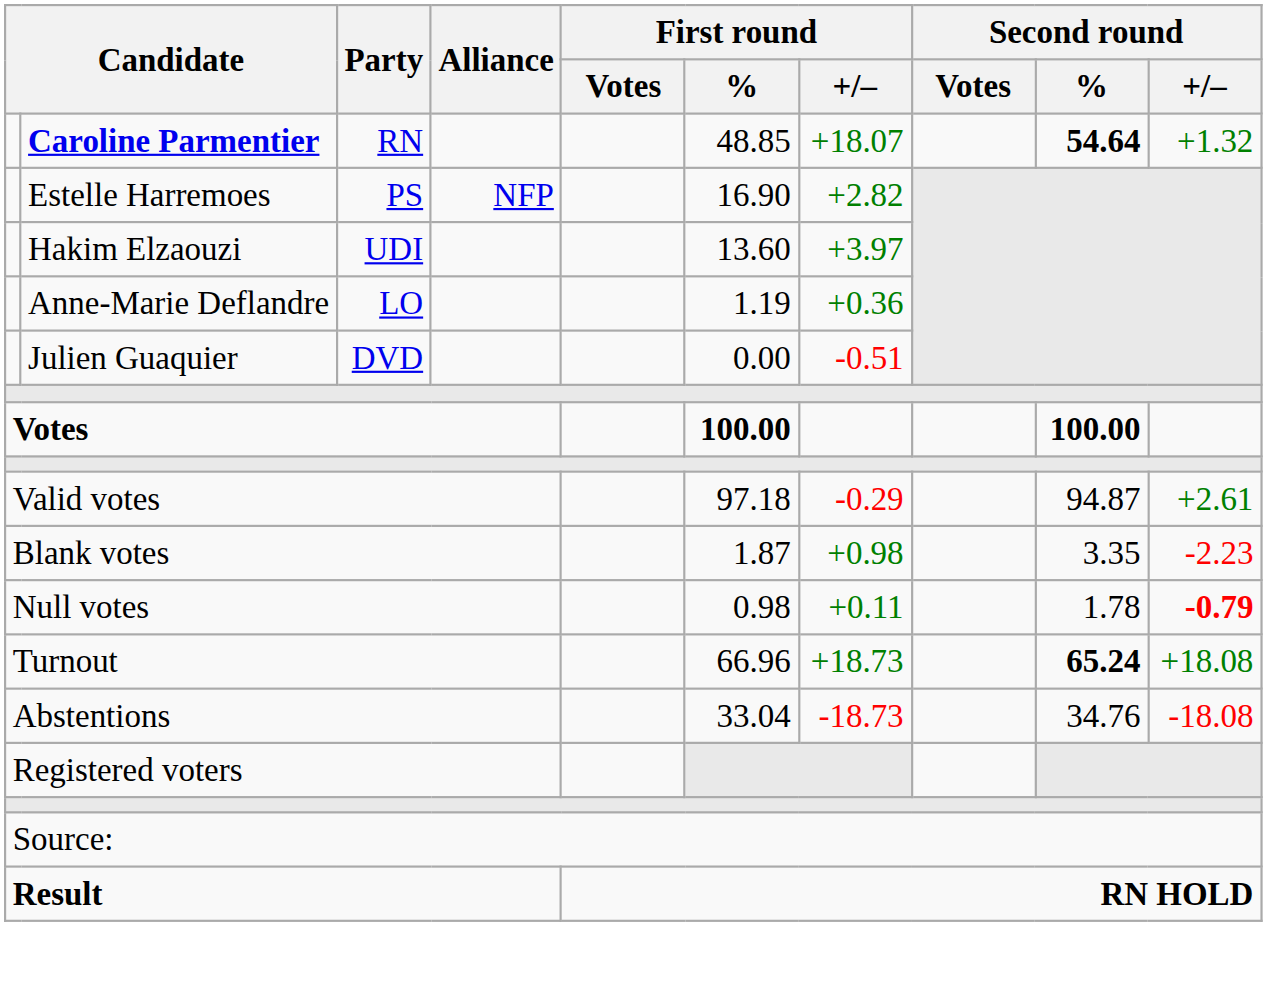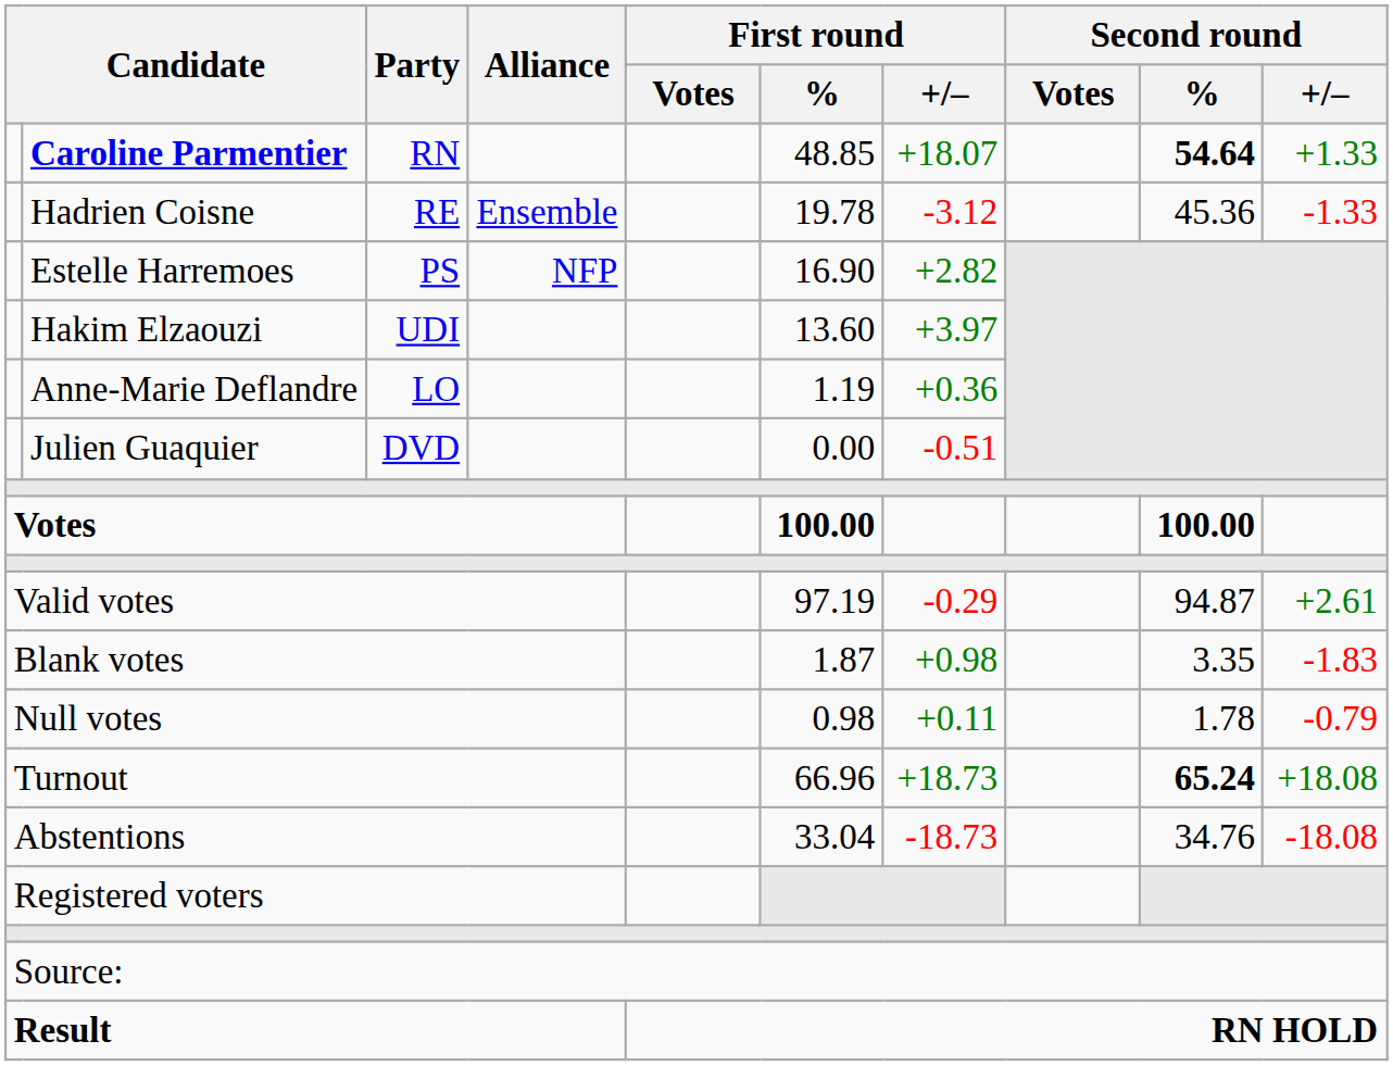 <table class="wikitable" style="text-align:right;font-size:95%;">
 <tr>
 <th rowspan="2" colspan="2">Candidate</th>
 <th colspan="1" rowspan="2">Party</th>
 <th colspan="1" rowspan="2">Alliance</th>
 <th colspan="3">First round</th>
 <th colspan="3">Second round</th>
 </tr>
 <tr>
 <th style="width:50px;">Votes</th>
 <th style="width:45px;">%</th>
 <th style="width:45px;">+/–</th>
 <th style="width:50px;">Votes</th>
 <th style="width:45px;">%</th>
 <th style="width:45px;">+/–</th>
 </tr>
 <tr>
 <td style="background:"></td>
 <td style="text-align:left;"><strong><a href='#'>Caroline Parmentier</a></strong></td>
 <td><a href='#'>RN</a></td>
 <td></td>
 <td></td>
 <td>48.85</td>
 <td style="color:green;">+18.07</td>
 <td><strong></strong></td>
 <td><strong>54.64</strong></td>
-<td style="color:green;">+1.32</td>
+<td style="color:green;">+1.33</td>
+</tr>
+<tr>
+<td style="background:"></td>
+<td style="text-align:left;">Hadrien Coisne</td>
+<td><a href='#'>RE</a></td>
+<td><a href='#'>Ensemble</a></td>
+<td></td>
+<td>19.78</td>
+<td style="color:red;">-3.12</td>
+<td></td>
+<td>45.36</td>
+<td style="color:red;">-1.33</td>
 </tr>
 <tr>
 <td style="background:"></td>
 <td style="text-align:left;">Estelle Harremoes</td>
 <td><a href='#'>PS</a></td>
 <td><a href='#'>NFP</a></td>
 <td></td>
 <td>16.90</td>
 <td style="color:green;">+2.82</td>
 <td colspan="3" rowspan="4" style="background:#E9E9E9;"></td>
 </tr>
 <tr>
 <td style="background:"></td>
 <td style="text-align:left;">Hakim Elzaouzi</td>
 <td><a href='#'>UDI</a></td>
 <td></td>
 <td></td>
 <td>13.60</td>
 <td style="color:green;">+3.97</td>
 </tr>
 <tr>
 <td style="background:"></td>
 <td style="text-align:left;">Anne-Marie Deflandre</td>
 <td><a href='#'>LO</a></td>
 <td></td>
 <td></td>
 <td>1.19</td>
 <td style="color:green;">+0.36</td>
 </tr>
 <tr>
 <td style="background:"></td>
 <td style="text-align:left;">Julien Guaquier</td>
 <td><a href='#'>DVD</a></td>
 <td></td>
 <td></td>
 <td>0.00</td>
 <td style="color:red;">-0.51</td>
 </tr>
 <tr>
 <td colspan="10" style="background:#E9E9E9;"></td>
 </tr>
 <tr style="font-weight:bold;">
 <td colspan="4" style="text-align:left;">Votes</td>
 <td></td>
 <td>100.00</td>
 <td></td>
 <td></td>
 <td>100.00</td>
 <td></td>
 </tr>
 <tr>
 <td colspan="10" style="background:#E9E9E9;"></td>
 </tr>
 <tr>
 <td colspan="4" style="text-align:left;">Valid votes</td>
 <td></td>
-<td>97.18</td>
+<td>97.19</td>
 <td style="color:red;">-0.29</td>
 <td></td>
 <td>94.87</td>
 <td style="color:green;">+2.61</td>
 </tr>
 <tr>
 <td colspan="4" style="text-align:left;">Blank votes</td>
 <td></td>
 <td>1.87</td>
 <td style="color:green;">+0.98</td>
 <td></td>
 <td>3.35</td>
-<td style="color:red;">-2.23</td>
+<td style="color:red;">-1.83</td>
 </tr>
 <tr>
 <td colspan="4" style="text-align:left;">Null votes</td>
 <td></td>
 <td>0.98</td>
 <td style="color:green;">+0.11</td>
 <td></td>
 <td>1.78</td>
-<td style="color:red;"><strong>-0.79</strong></td>
+<td style="color:red;">-0.79</td>
 </tr>
 <tr>
 <td colspan="4" style="text-align:left;">Turnout</td>
 <td></td>
 <td>66.96</td>
 <td style="color:green;">+18.73</td>
 <td></td>
 <td><strong>65.24</strong></td>
 <td style="color:green;">+18.08</td>
 </tr>
 <tr>
 <td colspan="4" style="text-align:left;">Abstentions</td>
 <td></td>
 <td>33.04</td>
 <td style="color:red;">-18.73</td>
 <td></td>
 <td>34.76</td>
 <td style="color:red;">-18.08</td>
 </tr>
 <tr>
 <td colspan="4" style="text-align:left;">Registered voters</td>
 <td></td>
 <td colspan="2" style="background:#E9E9E9;"></td>
 <td></td>
 <td colspan="2" style="background:#E9E9E9;"></td>
 </tr>
 <tr>
 <td colspan="10" style="background:#E9E9E9;"></td>
 </tr>
 <tr>
 <td colspan="10" style="text-align:left;">Source: </td>
 </tr>
 <tr style="font-weight:bold">
 <td colspan="4" style="text-align:left;">Result</td>
 <td colspan="6" style="background-color:">RN HOLD</td>
 </tr>
 </table>
